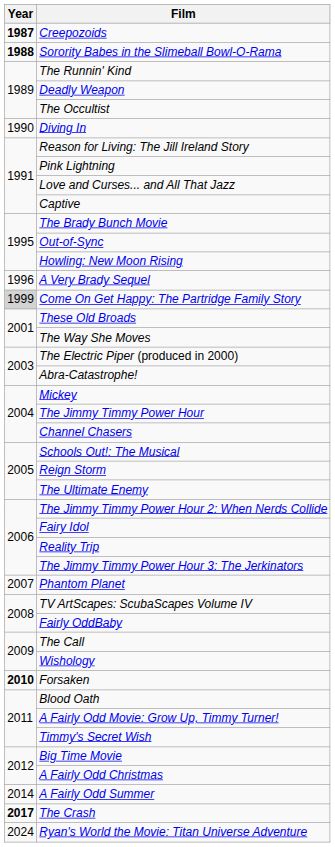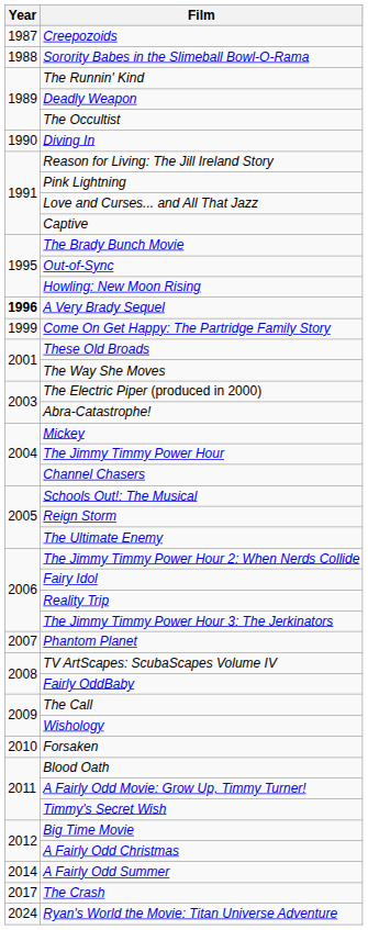 <table class="wikitable">
 <tr style="background:#b0c4de; text-align:center;">
 <th>Year</th>
 <th>Film</th>
 </tr>
 <tr>
-<td><strong>1987</strong></td>
+<td>1987</td>
 <td><em><a href='#'>Creepozoids</a></em></td>
 </tr>
 <tr>
-<td><strong>1988</strong></td>
+<td>1988</td>
 <td><em><a href='#'>Sorority Babes in the Slimeball Bowl-O-Rama</a></em></td>
 </tr>
 <tr>
 <td rowspan="3">1989</td>
 <td><em>The Runnin' Kind</em></td>
 </tr>
 <tr>
 <td><em><a href='#'>Deadly Weapon</a></em></td>
 </tr>
 <tr>
 <td><em>The Occultist</em></td>
 </tr>
 <tr>
 <td>1990</td>
 <td><em><a href='#'>Diving In</a></em></td>
 </tr>
 <tr>
 <td rowspan="4">1991</td>
 <td><em>Reason for Living: The Jill Ireland Story</em></td>
 </tr>
 <tr>
 <td><em>Pink Lightning</em></td>
 </tr>
 <tr>
 <td><em>Love and Curses... and All That Jazz</em></td>
 </tr>
 <tr>
 <td><em>Captive</em></td>
 </tr>
 <tr>
 <td rowspan="3">1995</td>
 <td><em><a href='#'>The Brady Bunch Movie</a></em></td>
 </tr>
 <tr>
 <td><em><a href='#'>Out-of-Sync</a></em></td>
 </tr>
 <tr>
 <td><em><a href='#'>Howling: New Moon Rising</a></em></td>
 </tr>
 <tr>
-<td>1996</td>
+<td><strong>1996</strong></td>
 <td><em><a href='#'>A Very Brady Sequel</a></em></td>
 </tr>
 <tr>
-<td style="background: lightgrey;">1999</td>
+<td>1999</td>
 <td><em><a href='#'>Come On Get Happy: The Partridge Family Story</a></em></td>
 </tr>
 <tr>
 <td rowspan="2">2001</td>
 <td><em><a href='#'>These Old Broads</a></em></td>
 </tr>
 <tr>
 <td><em>The Way She Moves</em></td>
 </tr>
 <tr>
 <td rowspan="2">2003</td>
 <td><em>The Electric Piper</em> (produced in 2000)</td>
 </tr>
 <tr>
 <td><em>Abra-Catastrophe!</em></td>
 </tr>
 <tr>
 <td rowspan="3">2004</td>
 <td><em><a href='#'>Mickey</a></em></td>
 </tr>
 <tr>
 <td><em><a href='#'>The Jimmy Timmy Power Hour</a></em></td>
 </tr>
 <tr>
 <td><em><a href='#'>Channel Chasers</a></em></td>
 </tr>
 <tr>
 <td rowspan="3">2005</td>
 <td><em><a href='#'>Schools Out!: The Musical</a></em></td>
 </tr>
 <tr>
 <td><em><a href='#'>Reign Storm</a></em></td>
 </tr>
 <tr>
 <td><em><a href='#'>The Ultimate Enemy</a></em></td>
 </tr>
 <tr>
 <td rowspan="4">2006</td>
 <td><em><a href='#'>The Jimmy Timmy Power Hour 2: When Nerds Collide</a></em></td>
 </tr>
 <tr>
 <td><em><a href='#'>Fairy Idol</a></em></td>
 </tr>
 <tr>
 <td><em><a href='#'>Reality Trip</a></em></td>
 </tr>
 <tr>
 <td><em><a href='#'>The Jimmy Timmy Power Hour 3: The Jerkinators</a></em></td>
 </tr>
 <tr>
 <td>2007</td>
 <td><em><a href='#'>Phantom Planet</a></em></td>
 </tr>
 <tr>
 <td rowspan="2">2008</td>
 <td><em>TV ArtScapes: ScubaScapes Volume IV</em></td>
 </tr>
 <tr>
 <td><em><a href='#'>Fairly OddBaby</a></em></td>
 </tr>
 <tr>
 <td rowspan="2">2009</td>
 <td><em>The Call</em></td>
 </tr>
 <tr>
 <td><em><a href='#'>Wishology</a></em></td>
 </tr>
 <tr>
-<td><strong>2010</strong></td>
+<td>2010</td>
 <td><em>Forsaken</em></td>
 </tr>
 <tr>
 <td rowspan="3">2011</td>
 <td><em>Blood Oath</em></td>
 </tr>
 <tr>
 <td><em><a href='#'>A Fairly Odd Movie: Grow Up, Timmy Turner!</a></em></td>
 </tr>
 <tr>
 <td><em><a href='#'>Timmy's Secret Wish</a></em></td>
 </tr>
 <tr>
 <td rowspan="2">2012</td>
 <td><em><a href='#'>Big Time Movie</a></em></td>
 </tr>
 <tr>
 <td><em><a href='#'>A Fairly Odd Christmas</a></em></td>
 </tr>
 <tr>
 <td rowspan="1">2014</td>
 <td><em><a href='#'>A Fairly Odd Summer</a></em></td>
 </tr>
 <tr>
-<td><strong>2017</strong></td>
+<td>2017</td>
 <td><em><a href='#'>The Crash</a></em></td>
 </tr>
 <tr>
 <td>2024</td>
 <td><em><a href='#'>Ryan's World the Movie: Titan Universe Adventure</a></em></td>
 </tr>
 </table>
